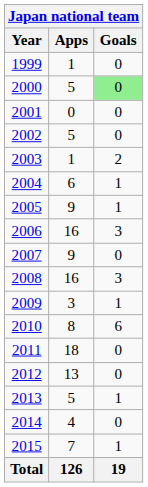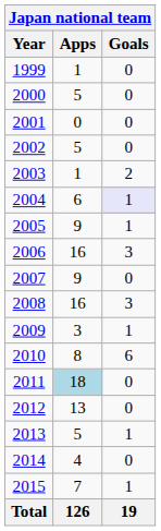 <table class="wikitable" style="text-align:center">
 <tr>
 <th colspan=3><a href='#'>Japan national team</a></th>
 </tr>
 <tr>
 <th>Year</th>
 <th>Apps</th>
 <th>Goals</th>
 </tr>
 <tr>
 <td><a href='#'>1999</a></td>
 <td>1</td>
 <td>0</td>
 </tr>
 <tr>
 <td><a href='#'>2000</a></td>
 <td>5</td>
-<td style="background: lightgreen;">0</td>
+<td>0</td>
 </tr>
 <tr>
 <td><a href='#'>2001</a></td>
 <td>0</td>
 <td>0</td>
 </tr>
 <tr>
 <td><a href='#'>2002</a></td>
 <td>5</td>
 <td>0</td>
 </tr>
 <tr>
 <td><a href='#'>2003</a></td>
 <td>1</td>
 <td>2</td>
 </tr>
 <tr>
 <td><a href='#'>2004</a></td>
 <td>6</td>
-<td>1</td>
+<td style="background: lavender;">1</td>
 </tr>
 <tr>
 <td><a href='#'>2005</a></td>
 <td>9</td>
 <td>1</td>
 </tr>
 <tr>
 <td><a href='#'>2006</a></td>
 <td>16</td>
 <td>3</td>
 </tr>
 <tr>
 <td><a href='#'>2007</a></td>
 <td>9</td>
 <td>0</td>
 </tr>
 <tr>
 <td><a href='#'>2008</a></td>
 <td>16</td>
 <td>3</td>
 </tr>
 <tr>
 <td><a href='#'>2009</a></td>
 <td>3</td>
 <td>1</td>
 </tr>
 <tr>
 <td><a href='#'>2010</a></td>
 <td>8</td>
 <td>6</td>
 </tr>
 <tr>
 <td><a href='#'>2011</a></td>
-<td>18</td>
+<td style="background: lightblue;">18</td>
 <td>0</td>
 </tr>
 <tr>
 <td><a href='#'>2012</a></td>
 <td>13</td>
 <td>0</td>
 </tr>
 <tr>
 <td><a href='#'>2013</a></td>
 <td>5</td>
 <td>1</td>
 </tr>
 <tr>
 <td><a href='#'>2014</a></td>
 <td>4</td>
 <td>0</td>
 </tr>
 <tr>
 <td><a href='#'>2015</a></td>
 <td>7</td>
 <td>1</td>
 </tr>
 <tr>
 <th>Total</th>
 <th>126</th>
 <th>19</th>
 </tr>
 </table>
